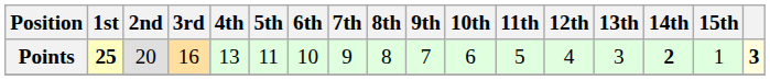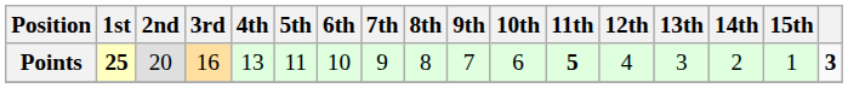 <table class="wikitable" style="font-size: 85%">
 <tr>
 <th>Position</th>
 <th>1st</th>
 <th>2nd</th>
 <th>3rd</th>
 <th>4th</th>
 <th>5th</th>
 <th>6th</th>
 <th>7th</th>
 <th>8th</th>
 <th>9th</th>
 <th>10th</th>
 <th>11th</th>
 <th>12th</th>
 <th>13th</th>
 <th>14th</th>
 <th>15th</th>
 <th></th>
 </tr>
 <tr align="center">
 <th>Points</th>
 <td style="background:#FFFFBF;"><strong>25</strong></td>
 <td style="background:#DFDFDF;">20</td>
 <td style="background:#FFDF9F;">16</td>
 <td style="background:#DFFFDF;">13</td>
 <td style="background:#DFFFDF;">11</td>
 <td style="background:#DFFFDF;">10</td>
 <td style="background:#DFFFDF;">9</td>
 <td style="background:#DFFFDF;">8</td>
 <td style="background:#DFFFDF;">7</td>
 <td style="background:#DFFFDF;">6</td>
-<td style="background:#DFFFDF;">5</td>
+<td style="background:#DFFFDF;"><strong>5</strong></td>
 <td style="background:#DFFFDF;">4</td>
 <td style="background:#DFFFDF;">3</td>
-<td style="background:#DFFFDF;"><strong>2</strong></td>
+<td style="background:#DFFFDF;">2</td>
 <td style="background:#DFFFDF;">1</td>
-<td style="background: lightyellow;"><strong>3</strong></td>
+<td><strong>3</strong></td>
 </tr>
 <tr align="center">
 </tr>
 </table>
